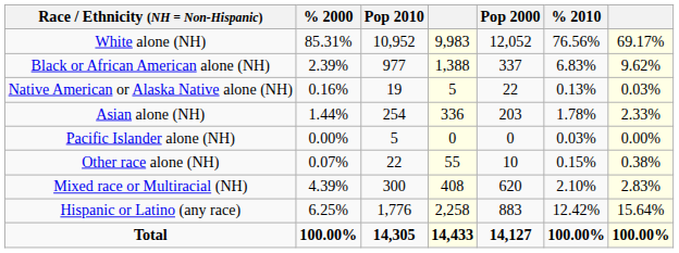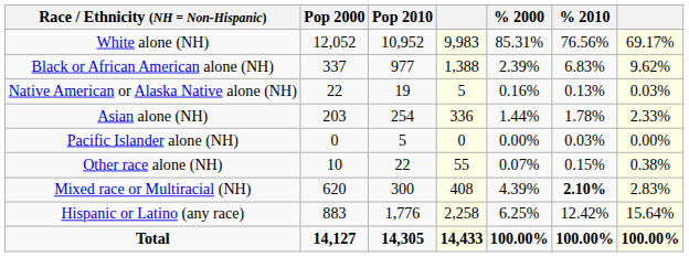 <table class="wikitable" style="text-align:center;">
 <tr>
 <th>Race / Ethnicity <small>(<em>NH = Non-Hispanic</em>)</small></th>
-<th>% 2000</th>
+<th>Pop 2000</th>
 <th>Pop 2010</th>
 <th></th>
-<th>Pop 2000</th>
+<th>% 2000</th>
 <th>% 2010</th>
 <th></th>
 </tr>
 <tr>
 <td><a href='#'>White</a> alone (NH)</td>
-<td>85.31%</td>
+<td>12,052</td>
 <td>10,952</td>
 <td style='background: #ffffe6;'>9,983</td>
-<td>12,052</td>
+<td>85.31%</td>
 <td>76.56%</td>
 <td style='background: #ffffe6;'>69.17%</td>
 </tr>
 <tr>
 <td><a href='#'>Black or African American</a> alone (NH)</td>
-<td>2.39%</td>
+<td>337</td>
 <td>977</td>
 <td style='background: #ffffe6;'>1,388</td>
-<td>337</td>
+<td>2.39%</td>
 <td>6.83%</td>
 <td style='background: #ffffe6;'>9.62%</td>
 </tr>
 <tr>
 <td><a href='#'>Native American</a> or <a href='#'>Alaska Native</a> alone (NH)</td>
-<td>0.16%</td>
+<td>22</td>
 <td>19</td>
 <td style='background: #ffffe6;'>5</td>
-<td>22</td>
+<td>0.16%</td>
 <td>0.13%</td>
 <td style='background: #ffffe6;'>0.03%</td>
 </tr>
 <tr>
 <td><a href='#'>Asian</a> alone (NH)</td>
-<td>1.44%</td>
+<td>203</td>
 <td>254</td>
 <td style='background: #ffffe6;'>336</td>
-<td>203</td>
+<td>1.44%</td>
 <td>1.78%</td>
 <td style='background: #ffffe6;'>2.33%</td>
 </tr>
 <tr>
 <td><a href='#'>Pacific Islander</a> alone (NH)</td>
-<td>0.00%</td>
+<td>0</td>
 <td>5</td>
 <td style='background: #ffffe6;'>0</td>
-<td>0</td>
+<td>0.00%</td>
 <td>0.03%</td>
 <td style='background: #ffffe6;'>0.00%</td>
 </tr>
 <tr>
 <td><a href='#'>Other race</a> alone (NH)</td>
-<td>0.07%</td>
+<td>10</td>
 <td>22</td>
 <td style='background: #ffffe6;'>55</td>
-<td>10</td>
+<td>0.07%</td>
 <td>0.15%</td>
 <td style='background: #ffffe6;'>0.38%</td>
 </tr>
 <tr>
 <td><a href='#'>Mixed race or Multiracial</a> (NH)</td>
-<td>4.39%</td>
+<td>620</td>
 <td>300</td>
 <td style='background: #ffffe6;'>408</td>
-<td>620</td>
-<td>2.10%</td>
+<td>4.39%</td>
+<td><strong>2.10%</strong></td>
 <td style='background: #ffffe6;'>2.83%</td>
 </tr>
 <tr>
 <td><a href='#'>Hispanic or Latino</a> (any race)</td>
-<td>6.25%</td>
+<td>883</td>
 <td>1,776</td>
 <td style='background: #ffffe6;'>2,258</td>
-<td>883</td>
+<td>6.25%</td>
 <td>12.42%</td>
 <td style='background: #ffffe6;'>15.64%</td>
 </tr>
 <tr>
 <td><strong>Total</strong></td>
-<td><strong>100.00%</strong></td>
+<td><strong>14,127</strong></td>
 <td><strong>14,305</strong></td>
 <td style='background: #ffffe6;'><strong>14,433</strong></td>
-<td><strong>14,127</strong></td>
+<td><strong>100.00%</strong></td>
 <td><strong>100.00%</strong></td>
 <td style='background: #ffffe6;'><strong>100.00%</strong></td>
 </tr>
 </table>
